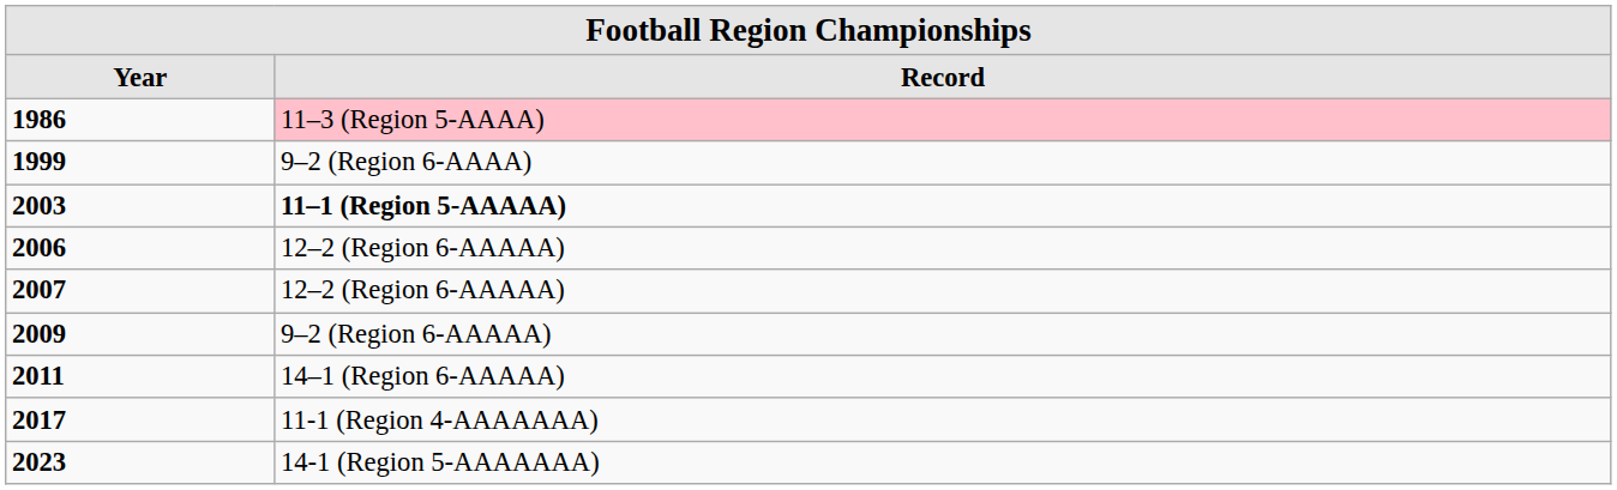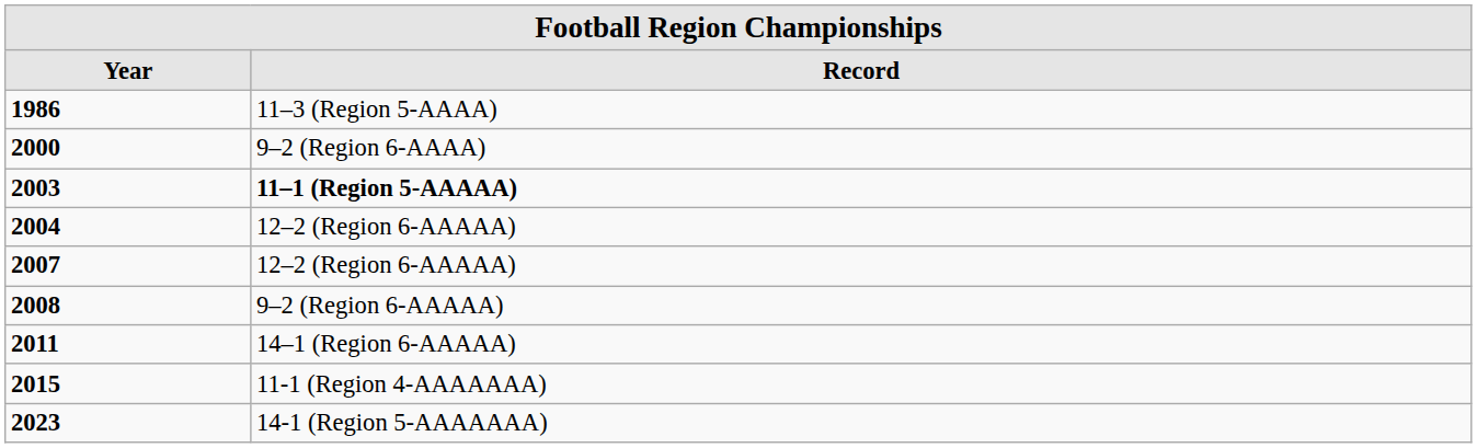 <table class="wikitable" width=60%>
 <tr>
 <td colspan=2 align=center bgcolor=#e5e5e5><span><big><strong>Football Region Championships</strong></big></span></td>
 </tr>
 <tr>
 <td align=center bgcolor="#e5e5e5"><strong>Year</strong></td>
 <td align=center bgcolor="#e5e5e5"><strong>Record</strong></td>
 </tr>
 <tr>
 <td><strong>1986</strong></td>
-<td style="background: pink;">11–3 (Region 5-AAAA)</td>
+<td>11–3 (Region 5-AAAA)</td>
 </tr>
 <tr>
-<td><strong>1999</strong></td>
+<td><strong>2000</strong></td>
 <td>9–2 (Region 6-AAAA)</td>
 </tr>
 <tr>
 <td><strong>2003</strong></td>
 <td><strong>11–1 (Region 5-AAAAA)</strong></td>
 </tr>
 <tr>
-<td><strong>2006</strong></td>
+<td><strong>2004</strong></td>
 <td>12–2 (Region 6-AAAAA)</td>
 </tr>
 <tr>
 <td><strong>2007</strong></td>
 <td>12–2 (Region 6-AAAAA)</td>
 </tr>
 <tr>
-<td><strong>2009</strong></td>
+<td><strong>2008</strong></td>
 <td>9–2 (Region 6-AAAAA)</td>
 </tr>
 <tr>
 <td><strong>2011</strong></td>
 <td>14–1 (Region 6-AAAAA)</td>
 </tr>
 <tr>
-<td><strong>2017</strong></td>
+<td><strong>2015</strong></td>
 <td>11-1 (Region 4-AAAAAAA)</td>
 </tr>
 <tr>
 <td><strong>2023</strong></td>
 <td>14-1 (Region 5-AAAAAAA)</td>
 </tr>
 </table>
